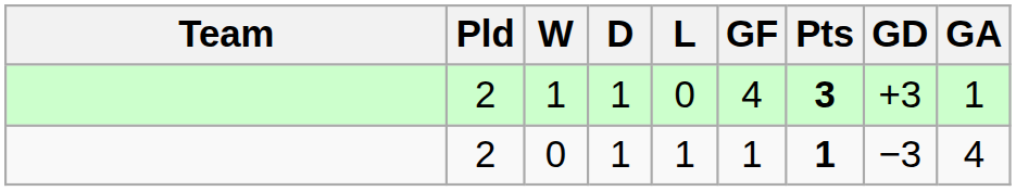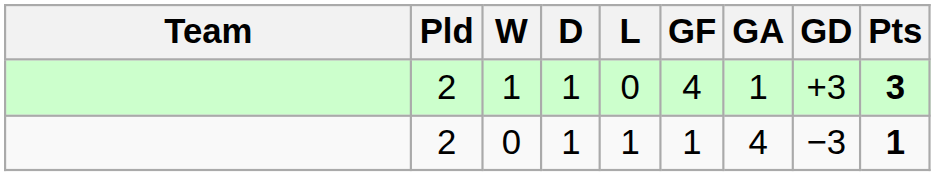 <table class="wikitable" style="text-align:center;">
 <tr>
 <th width=180>Team</th>
 <th width=20>Pld</th>
 <th width=20>W</th>
 <th width=20>D</th>
 <th width=20>L</th>
 <th width=20>GF</th>
+<th width=20>GA</th>
+<th width=20>GD</th>
 <th width=20>Pts</th>
-<th width=20>GD</th>
-<th width=20>GA</th>
 </tr>
 <tr bgcolor="ccffcc">
 <td align="left"></td>
 <td>2</td>
 <td>1</td>
 <td>1</td>
 <td>0</td>
 <td>4</td>
+<td>1</td>
+<td>+3</td>
 <td><strong>3</strong></td>
-<td>+3</td>
-<td>1</td>
 </tr>
 <tr>
 <td align="left"></td>
 <td>2</td>
 <td>0</td>
 <td>1</td>
 <td>1</td>
 <td>1</td>
+<td>4</td>
+<td>−3</td>
 <td><strong>1</strong></td>
-<td>−3</td>
-<td>4</td>
 </tr>
 </table>
